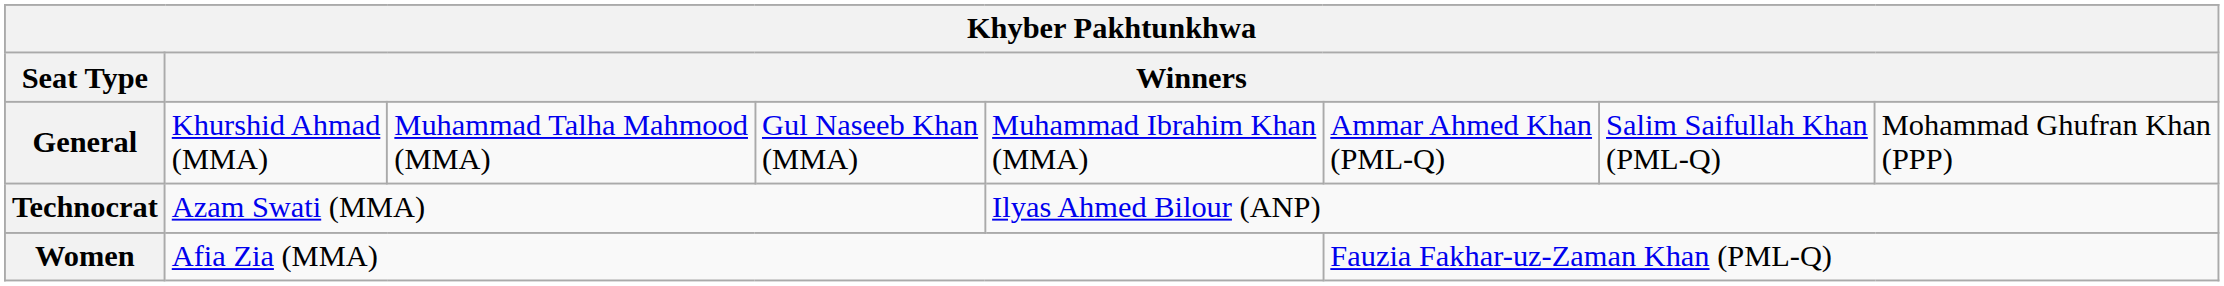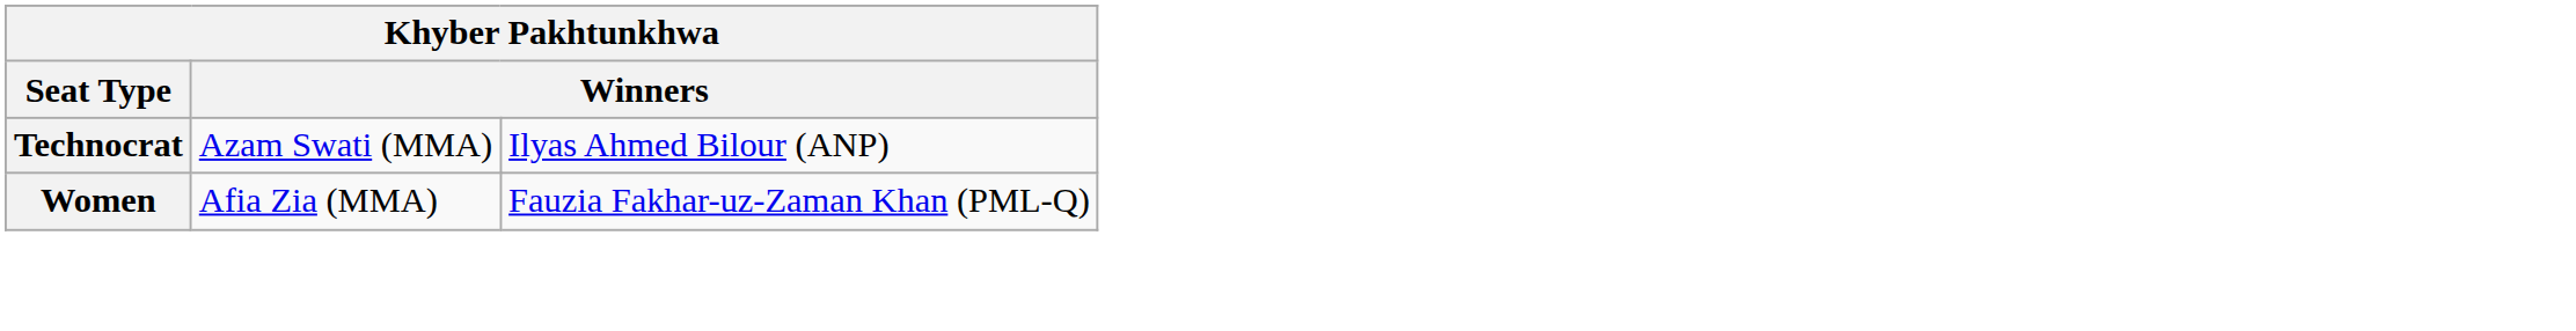 <table class="wikitable">
 <tr>
 <th colspan="8">Khyber Pakhtunkhwa</th>
 </tr>
 <tr>
 <th>Seat Type</th>
 <th colspan="7">Winners</th>
-</tr>
-<tr>
-<th>General</th>
-<td style="background:"><a href='#'>Khurshid Ahmad</a><br>(MMA)</td>
-<td style="background:"><a href='#'>Muhammad Talha Mahmood</a><br>(MMA)</td>
-<td style="background:"><a href='#'>Gul Naseeb Khan</a><br>(MMA)</td>
-<td style="background:"><a href='#'>Muhammad Ibrahim Khan</a><br>(MMA)</td>
-<td style="background:"><a href='#'>Ammar Ahmed Khan</a><br>(PML-Q)</td>
-<td style="background:"><a href='#'>Salim Saifullah Khan</a><br>(PML-Q)</td>
-<td style="background:">Mohammad Ghufran Khan<br>(PPP)</td>
 </tr>
 <tr>
 <th>Technocrat</th>
 <td colspan="3" style="background:"><a href='#'>Azam Swati</a> (MMA)</td>
 <td colspan="4" style="background:"><a href='#'>Ilyas Ahmed Bilour</a> (ANP)</td>
 </tr>
 <tr>
 <th>Women</th>
 <td colspan="4" style="background:"><a href='#'>Afia Zia</a> (MMA)</td>
 <td colspan="3" style="background:"><a href='#'>Fauzia Fakhar-uz-Zaman Khan</a> (PML-Q)</td>
 </tr>
 </table>
